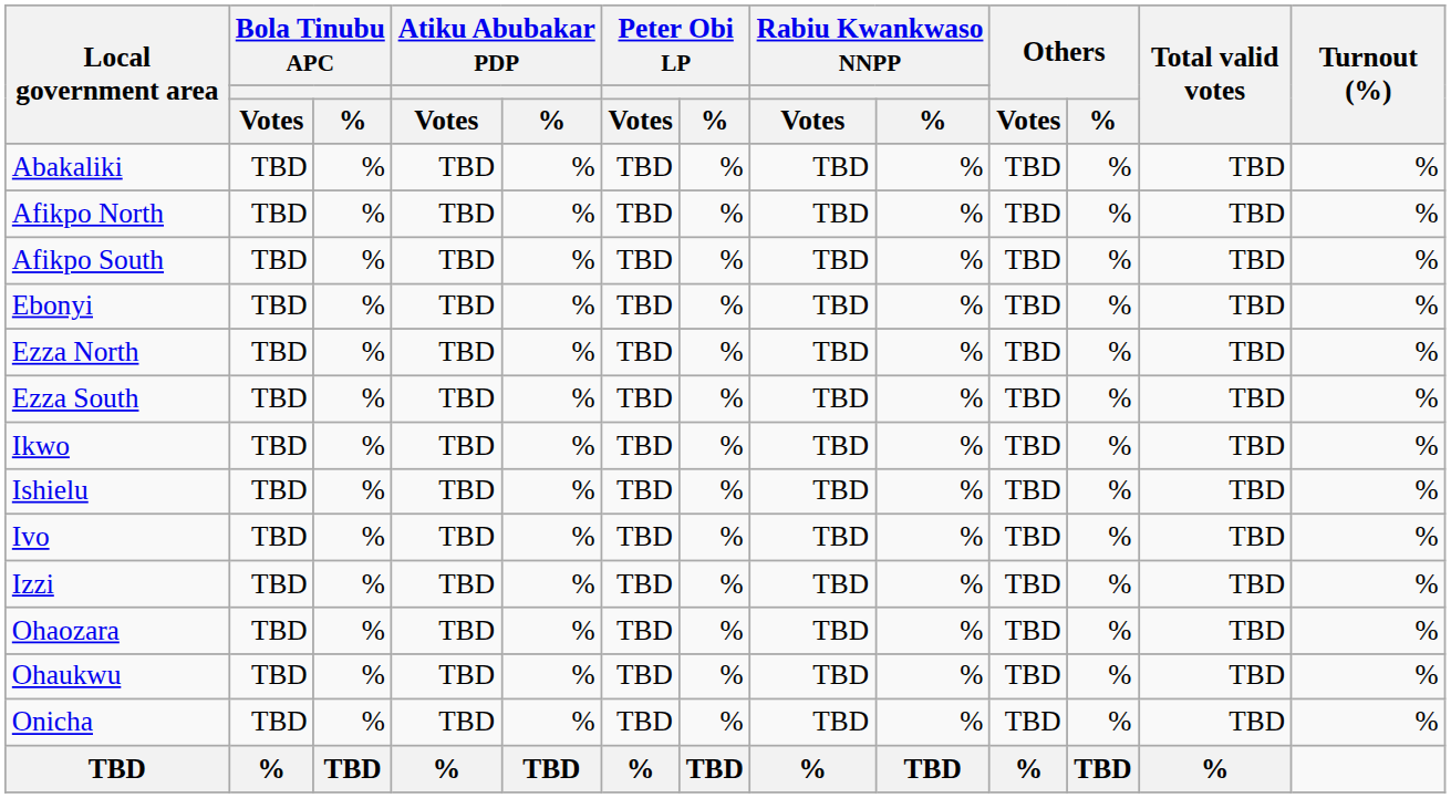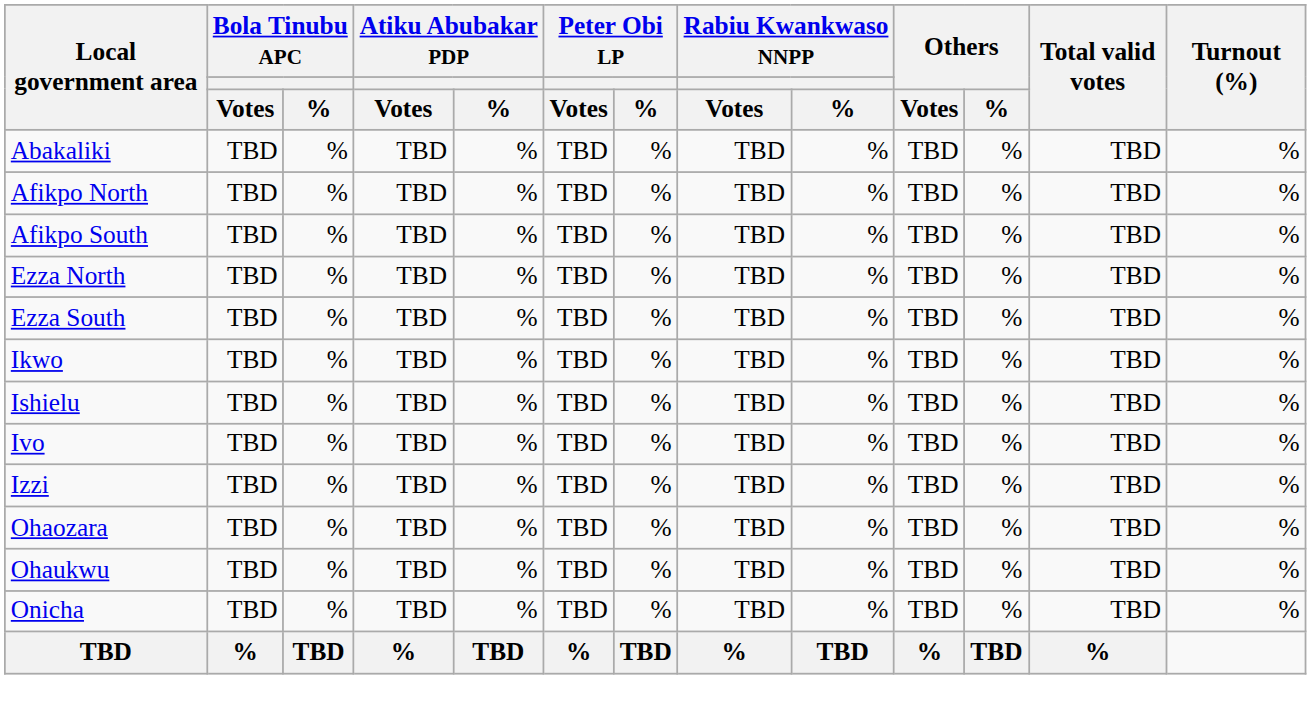 <table class="wikitable sortable" style="text-align:right; font-size:90%">
 <tr>
 <th rowspan="3" style="max-width:7.5em;">Local government area</th>
 <th colspan="2"><a href='#'>Bola Tinubu</a><br><small>APC</small></th>
 <th colspan="2"><a href='#'>Atiku Abubakar</a><br><small>PDP</small></th>
 <th colspan="2"><a href='#'>Peter Obi</a><br><small>LP</small></th>
 <th colspan="2"><a href='#'>Rabiu Kwankwaso</a><br><small>NNPP</small></th>
 <th colspan="2" rowspan="2">Others</th>
 <th rowspan="3" style="max-width:5em;">Total valid votes</th>
 <th rowspan="3" style="max-width:5em;">Turnout (%)</th>
 </tr>
 <tr>
 <th colspan=2 style="background-color:"></th>
 <th colspan=2 style="background-color:"></th>
 <th colspan=2 style="background-color:"></th>
 <th colspan=2 style="background-color:"></th>
 </tr>
 <tr>
 <th>Votes</th>
 <th>%</th>
 <th>Votes</th>
 <th>%</th>
 <th>Votes</th>
 <th>%</th>
 <th>Votes</th>
 <th>%</th>
 <th>Votes</th>
 <th>%</th>
 </tr>
 <tr style="background-color:#">
 <td style="text-align:left;"><a href='#'>Abakaliki</a></td>
 <td>TBD</td>
 <td>%</td>
 <td>TBD</td>
 <td>%</td>
 <td>TBD</td>
 <td>%</td>
 <td>TBD</td>
 <td>%</td>
 <td>TBD</td>
 <td>%</td>
 <td>TBD</td>
 <td>%</td>
 </tr>
 <tr style="background-color:#">
 <td style="text-align:left;"><a href='#'>Afikpo North</a></td>
 <td>TBD</td>
 <td>%</td>
 <td>TBD</td>
 <td>%</td>
 <td>TBD</td>
 <td>%</td>
 <td>TBD</td>
 <td>%</td>
 <td>TBD</td>
 <td>%</td>
 <td>TBD</td>
 <td>%</td>
 </tr>
 <tr style="background-color:#">
 <td style="text-align:left;"><a href='#'>Afikpo South</a></td>
-<td>TBD</td>
-<td>%</td>
-<td>TBD</td>
-<td>%</td>
-<td>TBD</td>
-<td>%</td>
-<td>TBD</td>
-<td>%</td>
-<td>TBD</td>
-<td>%</td>
-<td>TBD</td>
-<td>%</td>
-</tr>
-<tr style="background-color:#">
-<td style="text-align:left;"><a href='#'>Ebonyi</a></td>
 <td>TBD</td>
 <td>%</td>
 <td>TBD</td>
 <td>%</td>
 <td>TBD</td>
 <td>%</td>
 <td>TBD</td>
 <td>%</td>
 <td>TBD</td>
 <td>%</td>
 <td>TBD</td>
 <td>%</td>
 </tr>
 <tr style="background-color:#">
 <td style="text-align:left;"><a href='#'>Ezza North</a></td>
 <td>TBD</td>
 <td>%</td>
 <td>TBD</td>
 <td>%</td>
 <td>TBD</td>
 <td>%</td>
 <td>TBD</td>
 <td>%</td>
 <td>TBD</td>
 <td>%</td>
 <td>TBD</td>
 <td>%</td>
 </tr>
 <tr style="background-color:#">
 <td style="text-align:left;"><a href='#'>Ezza South</a></td>
 <td>TBD</td>
 <td>%</td>
 <td>TBD</td>
 <td>%</td>
 <td>TBD</td>
 <td>%</td>
 <td>TBD</td>
 <td>%</td>
 <td>TBD</td>
 <td>%</td>
 <td>TBD</td>
 <td>%</td>
 </tr>
 <tr style="background-color:#">
 <td style="text-align:left;"><a href='#'>Ikwo</a></td>
 <td>TBD</td>
 <td>%</td>
 <td>TBD</td>
 <td>%</td>
 <td>TBD</td>
 <td>%</td>
 <td>TBD</td>
 <td>%</td>
 <td>TBD</td>
 <td>%</td>
 <td>TBD</td>
 <td>%</td>
 </tr>
 <tr style="background-color:#">
 <td style="text-align:left;"><a href='#'>Ishielu</a></td>
 <td>TBD</td>
 <td>%</td>
 <td>TBD</td>
 <td>%</td>
 <td>TBD</td>
 <td>%</td>
 <td>TBD</td>
 <td>%</td>
 <td>TBD</td>
 <td>%</td>
 <td>TBD</td>
 <td>%</td>
 </tr>
 <tr style="background-color:#">
 <td style="text-align:left;"><a href='#'>Ivo</a></td>
 <td>TBD</td>
 <td>%</td>
 <td>TBD</td>
 <td>%</td>
 <td>TBD</td>
 <td>%</td>
 <td>TBD</td>
 <td>%</td>
 <td>TBD</td>
 <td>%</td>
 <td>TBD</td>
 <td>%</td>
 </tr>
 <tr style="background-color:#">
 <td style="text-align:left;"><a href='#'>Izzi</a></td>
 <td>TBD</td>
 <td>%</td>
 <td>TBD</td>
 <td>%</td>
 <td>TBD</td>
 <td>%</td>
 <td>TBD</td>
 <td>%</td>
 <td>TBD</td>
 <td>%</td>
 <td>TBD</td>
 <td>%</td>
 </tr>
 <tr style="background-color:#">
 <td style="text-align:left;"><a href='#'>Ohaozara</a></td>
 <td>TBD</td>
 <td>%</td>
 <td>TBD</td>
 <td>%</td>
 <td>TBD</td>
 <td>%</td>
 <td>TBD</td>
 <td>%</td>
 <td>TBD</td>
 <td>%</td>
 <td>TBD</td>
 <td>%</td>
 </tr>
 <tr style="background-color:#">
 <td style="text-align:left;"><a href='#'>Ohaukwu</a></td>
 <td>TBD</td>
 <td>%</td>
 <td>TBD</td>
 <td>%</td>
 <td>TBD</td>
 <td>%</td>
 <td>TBD</td>
 <td>%</td>
 <td>TBD</td>
 <td>%</td>
 <td>TBD</td>
 <td>%</td>
 </tr>
 <tr style="background-color:#">
 <td style="text-align:left;"><a href='#'>Onicha</a></td>
 <td>TBD</td>
 <td>%</td>
 <td>TBD</td>
 <td>%</td>
 <td>TBD</td>
 <td>%</td>
 <td>TBD</td>
 <td>%</td>
 <td>TBD</td>
 <td>%</td>
 <td>TBD</td>
 <td>%</td>
 </tr>
 <tr>
 <th>TBD</th>
 <th>%</th>
 <th>TBD</th>
 <th>%</th>
 <th>TBD</th>
 <th>%</th>
 <th>TBD</th>
 <th>%</th>
 <th>TBD</th>
 <th>%</th>
 <th>TBD</th>
 <th>%</th>
 </tr>
 </table>
